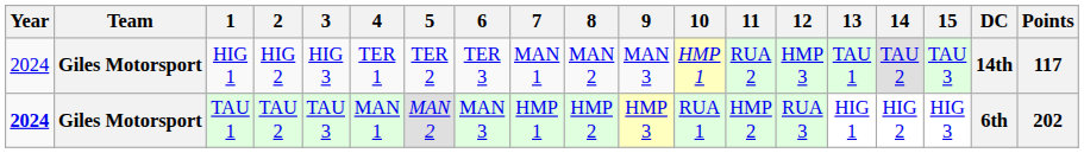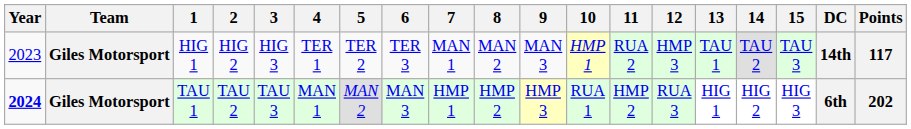 <table class="wikitable" style="text-align:center; font-size:90%">
 <tr>
 <th>Year</th>
 <th>Team</th>
 <th>1</th>
 <th>2</th>
 <th>3</th>
 <th>4</th>
 <th>5</th>
 <th>6</th>
 <th>7</th>
 <th>8</th>
 <th>9</th>
 <th>10</th>
 <th>11</th>
 <th>12</th>
 <th>13</th>
 <th>14</th>
 <th>15</th>
 <th>DC</th>
 <th>Points</th>
 </tr>
 <tr>
-<td><a href='#'>2024</a></td>
+<td><a href='#'>2023</a></td>
 <th>Giles Motorsport</th>
 <td><a href='#'>HIG<br>1</a></td>
 <td><a href='#'>HIG<br>2</a></td>
 <td><a href='#'>HIG<br>3</a></td>
 <td><a href='#'>TER<br>1</a></td>
 <td><a href='#'>TER<br>2</a></td>
 <td><a href='#'>TER<br>3</a></td>
 <td><a href='#'>MAN<br>1</a></td>
 <td><a href='#'>MAN<br>2</a></td>
 <td><a href='#'>MAN<br>3</a></td>
 <td style=background:#FFFFBF><em><a href='#'>HMP<br>1</a></em><br></td>
 <td style="background:#DFFFDF;"><a href='#'>RUA<br>2</a><br></td>
 <td style=background:#DFFFDF><a href='#'>HMP<br>3</a><br></td>
 <td style=background:#DFFFDF><a href='#'>TAU<br>1</a><br></td>
 <td style=background:#DFDFDF><a href='#'>TAU<br>2</a><br></td>
 <td style=background:#DFFFDF><a href='#'>TAU<br>3</a><br></td>
 <th style=background:#>14th</th>
 <th style=background:#>117</th>
 </tr>
 <tr>
 <td><strong><a href='#'>2024</a></strong></td>
 <th>Giles Motorsport</th>
 <td style=background:#DFFFDF><a href='#'>TAU<br>1</a><br></td>
 <td style=background:#DFFFDF><a href='#'>TAU<br>2</a><br></td>
 <td style=background:#DFFFDF><a href='#'>TAU<br>3</a><br></td>
 <td style="background:#DFFFDF;"><a href='#'>MAN<br>1</a><br></td>
 <td style="background:#DFDFDF;"><em><a href='#'>MAN<br>2</a></em><br></td>
 <td style="background:#DFFFDF;"><a href='#'>MAN<br>3</a><br></td>
 <td style="background:#DFFFDF;"><a href='#'>HMP<br>1</a><br></td>
 <td style="background:#DFFFDF;"><a href='#'>HMP<br>2</a><br></td>
 <td style="background:#FFFFBF;"><a href='#'>HMP<br>3</a><br></td>
 <td style="background:#DFFFDF;"><a href='#'>RUA<br>1</a><br></td>
 <td style=background:#DFFFDF><a href='#'>HMP<br>2</a><br></td>
 <td style="background:#DFFFDF;"><a href='#'>RUA<br>3</a><br></td>
 <td style="background:#FFFFFF;"><a href='#'>HIG<br>1</a><br></td>
 <td style="background:#FFFFFF;"><a href='#'>HIG<br>2</a><br></td>
 <td style="background:#FFFFFF;"><a href='#'>HIG<br>3</a><br></td>
 <th>6th</th>
 <th>202</th>
 </tr>
 </table>
